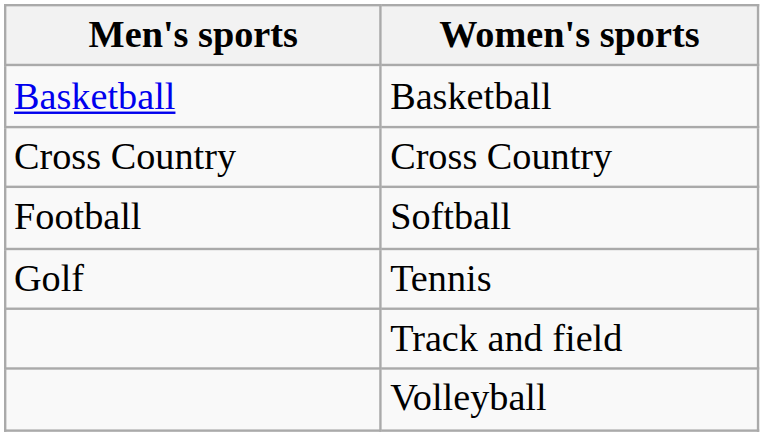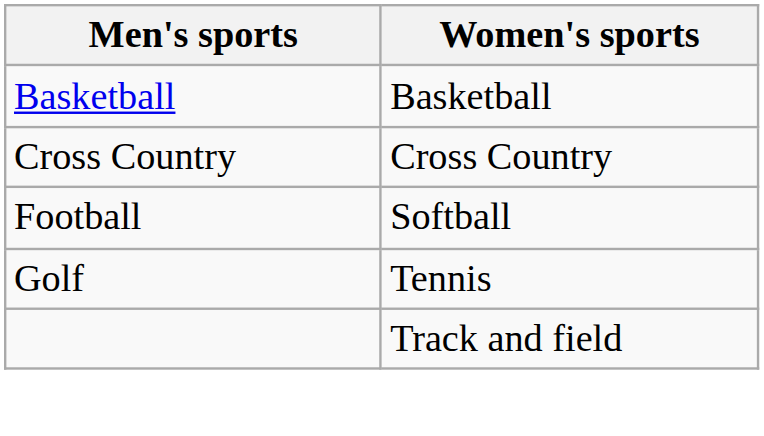 <table class="wikitable"; style= "text-align: ">
 <tr>
 <th width=150px>Men's sports</th>
 <th width=150px>Women's sports</th>
 </tr>
 <tr>
 <td><a href='#'>Basketball</a></td>
 <td>Basketball</td>
 </tr>
 <tr>
 <td>Cross Country</td>
 <td>Cross Country</td>
 </tr>
 <tr>
 <td>Football</td>
 <td>Softball</td>
 </tr>
 <tr>
 <td>Golf</td>
 <td>Tennis</td>
 </tr>
 <tr>
 <td></td>
 <td>Track and field</td>
 </tr>
-<tr>
-<td></td>
-<td>Volleyball</td>
-</tr>
 </table>
